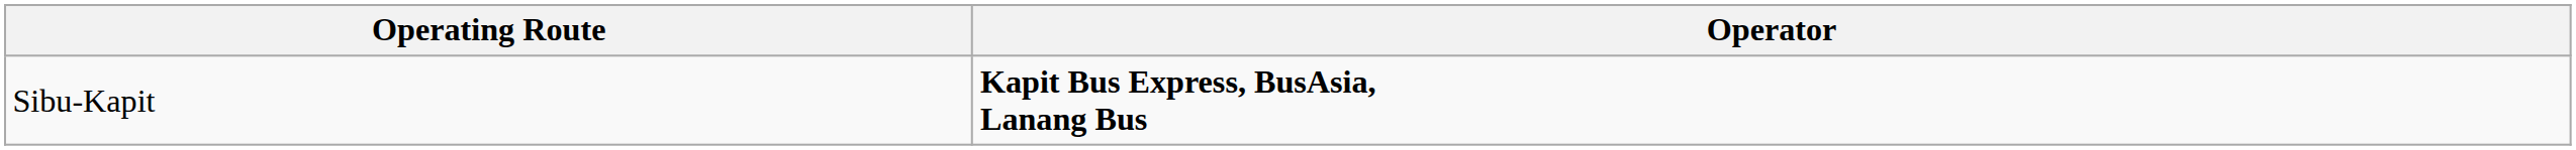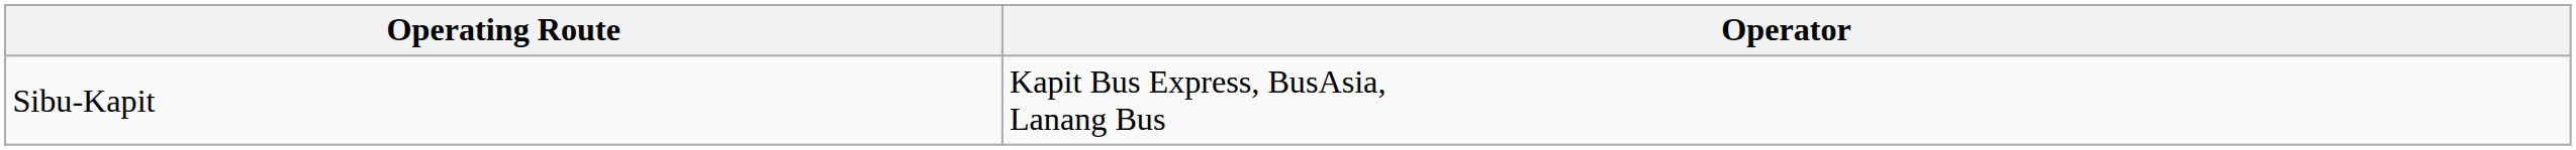 <table class="wikitable" style="width:100%; margin:auto;">
 <tr>
 <th>Operating Route</th>
 <th>Operator</th>
 </tr>
 <tr>
 <td>Sibu-Kapit</td>
-<td><strong>Kapit Bus Express, BusAsia,<br>Lanang Bus</strong></td>
+<td>Kapit Bus Express, BusAsia,<br>Lanang Bus</td>
 </tr>
 </table>
